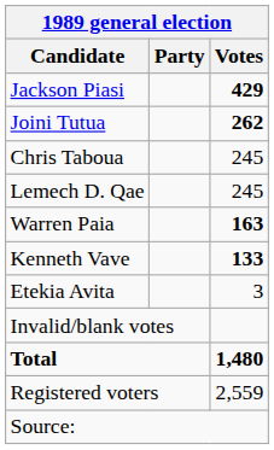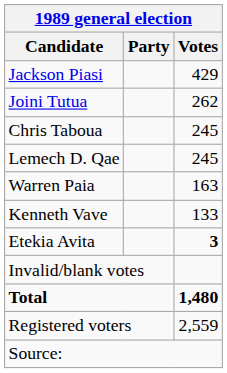 <table class=wikitable style=text-align:left>
 <tr>
 <th colspan=3><a href='#'>1989 general election</a></th>
 </tr>
 <tr>
 <th>Candidate</th>
 <th>Party</th>
 <th>Votes</th>
 </tr>
 <tr>
 <td><a href='#'>Jackson Piasi</a></td>
 <td></td>
-<td align=right><strong>429</strong></td>
+<td align=right>429</td>
 </tr>
 <tr>
 <td><a href='#'>Joini Tutua</a></td>
 <td></td>
-<td align=right><strong>262</strong></td>
+<td align=right>262</td>
 </tr>
 <tr>
 <td>Chris Taboua</td>
 <td></td>
 <td align=right>245</td>
 </tr>
 <tr>
 <td>Lemech D. Qae</td>
 <td></td>
 <td align=right>245</td>
 </tr>
 <tr>
 <td>Warren Paia</td>
 <td></td>
-<td align=right><strong>163</strong></td>
+<td align=right>163</td>
 </tr>
 <tr>
 <td>Kenneth Vave</td>
 <td></td>
-<td align=right><strong>133</strong></td>
+<td align=right>133</td>
 </tr>
 <tr>
 <td>Etekia Avita</td>
 <td></td>
-<td align=right>3</td>
+<td align=right><strong>3</strong></td>
 </tr>
 <tr>
 <td colspan=2>Invalid/blank votes</td>
 <td></td>
 </tr>
 <tr>
 <td colspan=2><strong>Total</strong></td>
 <td align=right><strong>1,480</strong></td>
 </tr>
 <tr>
 <td colspan=2>Registered voters</td>
 <td align=right>2,559</td>
 </tr>
 <tr>
 <td colspan=3>Source: </td>
 </tr>
 </table>
